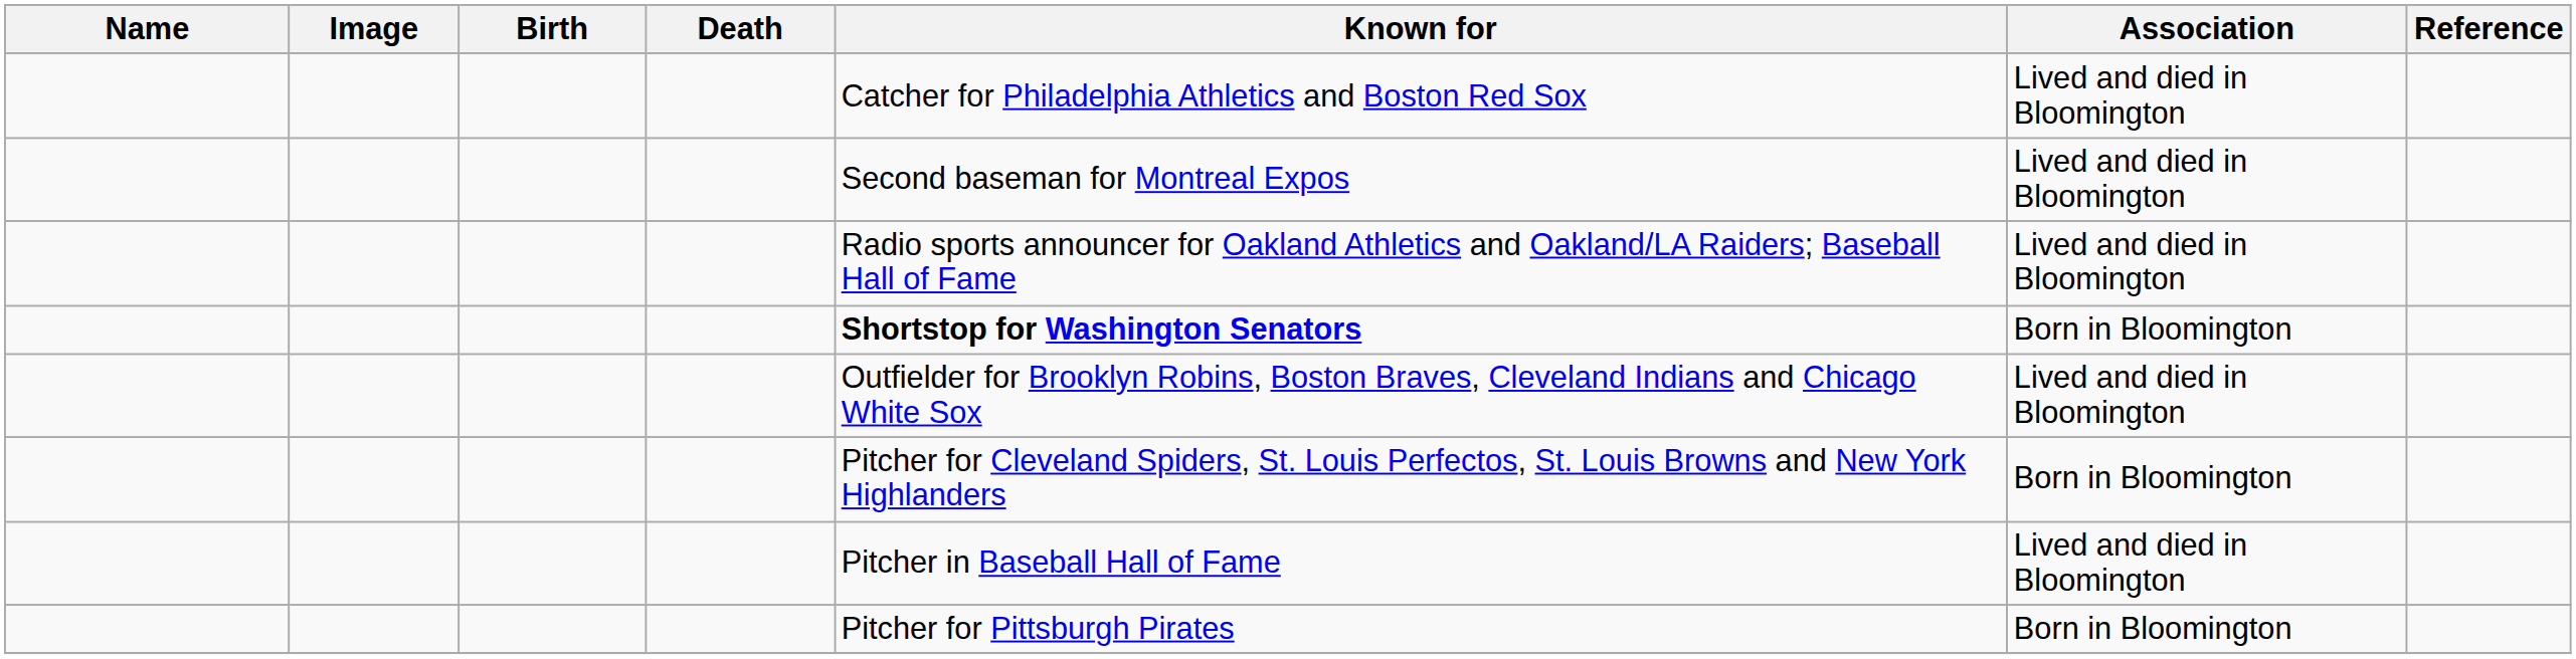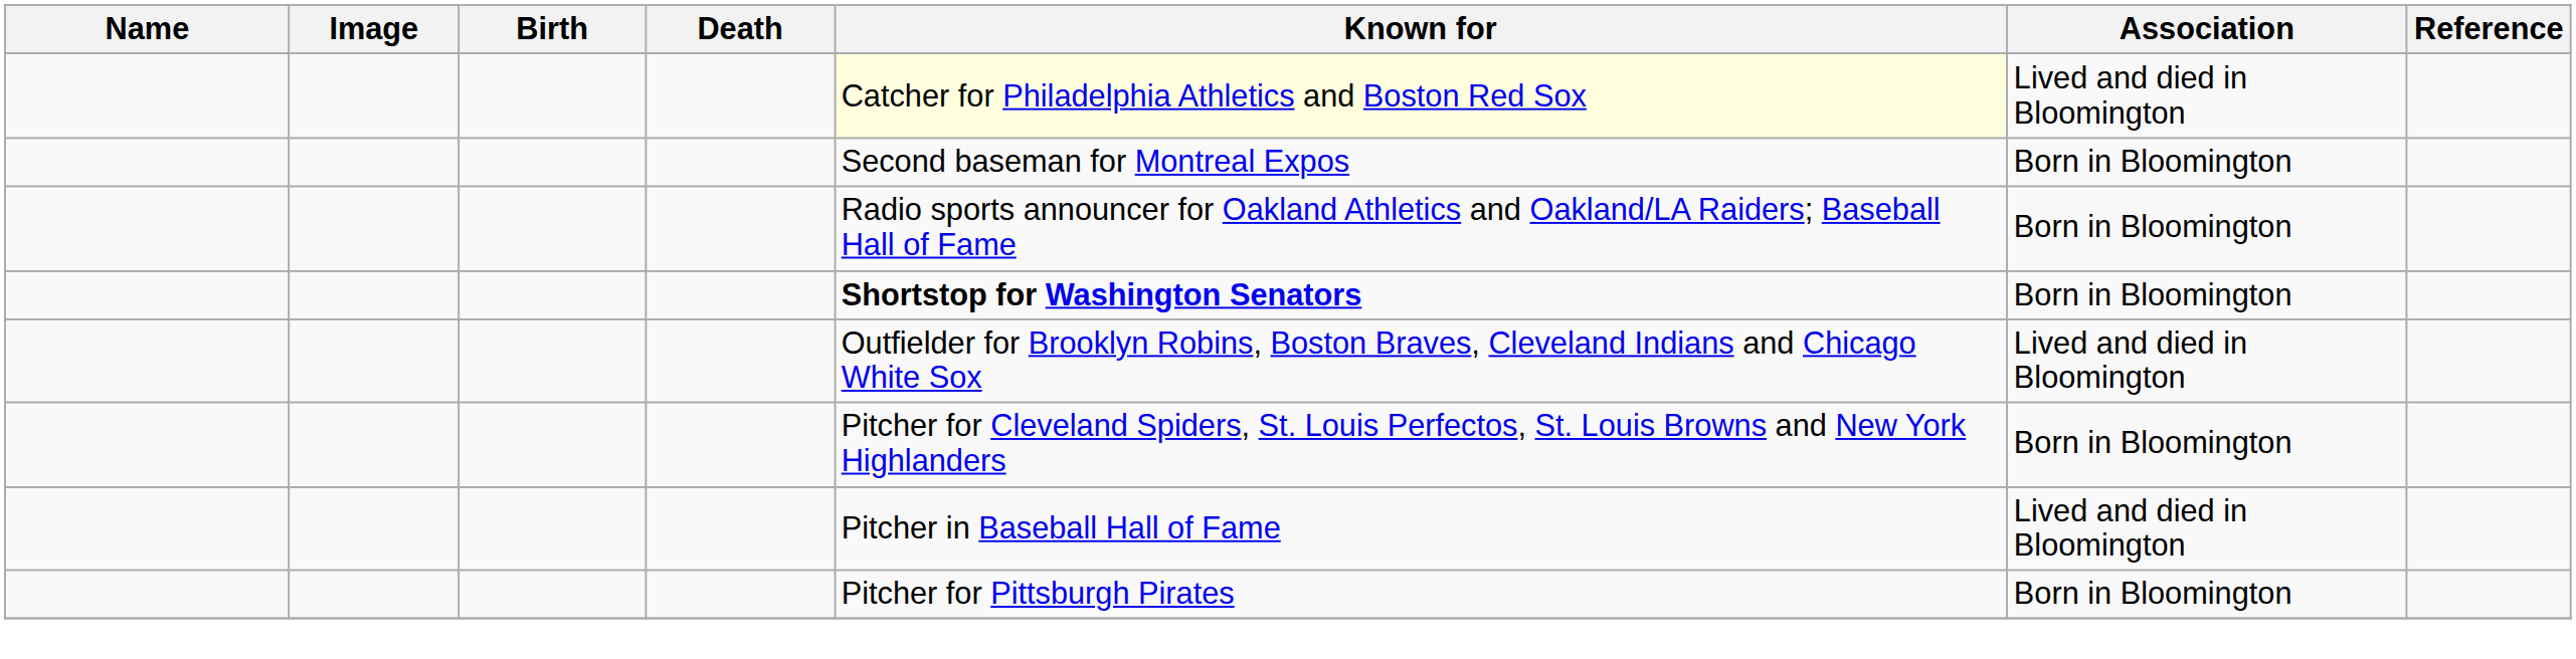 <table class="wikitable sortable">
 <tr>
 <th scope="col" width="140">Name</th>
 <th scope="col" width="80" class="unsortable">Image</th>
 <th scope="col" width="90">Birth</th>
 <th scope="col" width="90">Death</th>
 <th scope="col" width="600" class="unsortable">Known for</th>
 <th scope="col" width="200" class="unsortable">Association</th>
 <th scope="col" width="30" class="unsortable">Reference</th>
 </tr>
 <tr>
 <td></td>
 <td></td>
 <td align=right></td>
 <td align=right></td>
-<td>Catcher for <a href='#'>Philadelphia Athletics</a> and <a href='#'>Boston Red Sox</a></td>
+<td style="background: lightyellow;">Catcher for <a href='#'>Philadelphia Athletics</a> and <a href='#'>Boston Red Sox</a></td>
 <td>Lived and died in Bloomington</td>
 <td align="center"></td>
 </tr>
 <tr>
 <td></td>
 <td></td>
 <td align=right></td>
 <td></td>
 <td>Second baseman for <a href='#'>Montreal Expos</a></td>
-<td>Lived and died in Bloomington</td>
+<td>Born in Bloomington</td>
 <td align="center"></td>
 </tr>
 <tr>
 <td></td>
 <td></td>
 <td align=right></td>
 <td align=right></td>
 <td>Radio sports announcer for <a href='#'>Oakland Athletics</a> and <a href='#'>Oakland/LA Raiders</a>; <a href='#'>Baseball Hall of Fame</a></td>
-<td>Lived and died in Bloomington</td>
+<td>Born in Bloomington</td>
 <td align="center"></td>
 </tr>
 <tr>
 <td></td>
 <td></td>
 <td align=right></td>
 <td align=right></td>
 <td><strong>Shortstop for <a href='#'>Washington Senators</a></strong></td>
 <td>Born in Bloomington</td>
 <td align="center"></td>
 </tr>
 <tr>
 <td></td>
 <td></td>
 <td align=right></td>
 <td align=right></td>
 <td>Outfielder for <a href='#'>Brooklyn Robins</a>, <a href='#'>Boston Braves</a>, <a href='#'>Cleveland Indians</a> and <a href='#'>Chicago White Sox</a></td>
 <td>Lived and died in Bloomington</td>
 <td align="center"></td>
 </tr>
 <tr>
 <td></td>
 <td></td>
 <td align=right></td>
 <td align=right></td>
 <td>Pitcher for <a href='#'>Cleveland Spiders</a>, <a href='#'>St. Louis Perfectos</a>, <a href='#'>St. Louis Browns</a> and <a href='#'>New York Highlanders</a></td>
 <td>Born in Bloomington</td>
 <td align="center"></td>
 </tr>
 <tr>
 <td></td>
 <td></td>
 <td align=right></td>
 <td align=right></td>
 <td>Pitcher in <a href='#'>Baseball Hall of Fame</a></td>
 <td>Lived and died in Bloomington</td>
 <td align="center"></td>
 </tr>
 <tr>
 <td></td>
 <td></td>
 <td align=right></td>
 <td align=right></td>
 <td>Pitcher for <a href='#'>Pittsburgh Pirates</a></td>
 <td>Born in Bloomington</td>
 <td align="center"></td>
 </tr>
 <tr>
 </tr>
 </table>
